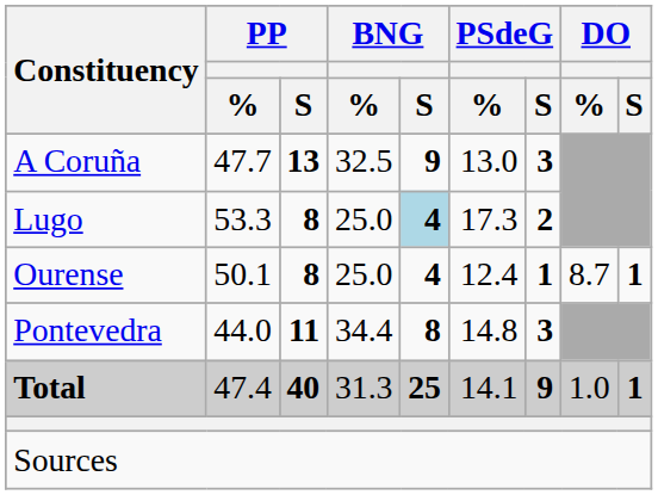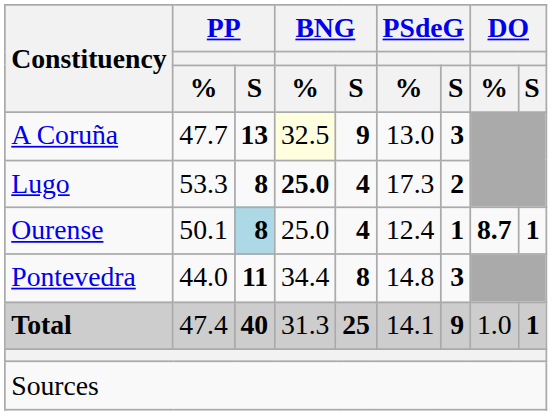 <table class="wikitable sortable" style="text-align:right; line-height:20px;">
 <tr>
 <th rowspan="3">Constituency</th>
 <th colspan="2" width="30px" class="unsortable"><a href='#'>PP</a></th>
 <th colspan="2" width="30px" class="unsortable"><a href='#'>BNG</a></th>
 <th colspan="2" width="30px" class="unsortable"><a href='#'>PSdeG</a></th>
 <th colspan="2" width="30px" class="unsortable"><a href='#'>DO</a></th>
 </tr>
 <tr>
 <th colspan="2" style="background:"></th>
 <th colspan="2" style="background:"></th>
 <th colspan="2" style="background:"></th>
 <th colspan="2" style="background:"></th>
 </tr>
 <tr>
 <th data-sort-type="number">%</th>
 <th data-sort-type="number">S</th>
 <th data-sort-type="number">%</th>
 <th data-sort-type="number">S</th>
 <th data-sort-type="number">%</th>
 <th data-sort-type="number">S</th>
 <th data-sort-type="number">%</th>
 <th data-sort-type="number">S</th>
 </tr>
 <tr>
 <td align="left"><a href='#'>A Coruña</a></td>
 <td style="background:">47.7</td>
 <td><strong>13</strong></td>
-<td>32.5</td>
+<td style="background: lightyellow;">32.5</td>
 <td><strong>9</strong></td>
 <td>13.0</td>
 <td><strong>3</strong></td>
 <td colspan="2" rowspan="2" bgcolor="#AAAAAA"></td>
 </tr>
 <tr>
 <td align="left"><a href='#'>Lugo</a></td>
 <td style="background:">53.3</td>
 <td><strong>8</strong></td>
-<td>25.0</td>
-<td style="background: lightblue;"><strong>4</strong></td>
+<td><strong>25.0</strong></td>
+<td><strong>4</strong></td>
 <td>17.3</td>
 <td><strong>2</strong></td>
 </tr>
 <tr>
 <td align="left"><a href='#'>Ourense</a></td>
 <td style="background:">50.1</td>
-<td><strong>8</strong></td>
+<td style="background: lightblue;"><strong>8</strong></td>
 <td>25.0</td>
 <td><strong>4</strong></td>
 <td>12.4</td>
 <td><strong>1</strong></td>
-<td>8.7</td>
+<td><strong>8.7</strong></td>
 <td><strong>1</strong></td>
 </tr>
 <tr>
 <td align="left"><a href='#'>Pontevedra</a></td>
 <td style="background:">44.0</td>
 <td><strong>11</strong></td>
 <td>34.4</td>
 <td><strong>8</strong></td>
 <td>14.8</td>
 <td><strong>3</strong></td>
 <td colspan="2" bgcolor="#AAAAAA"></td>
 </tr>
 <tr style="background:#CDCDCD;">
 <td align="left"><strong>Total</strong></td>
 <td style="background:">47.4</td>
 <td><strong>40</strong></td>
 <td>31.3</td>
 <td><strong>25</strong></td>
 <td>14.1</td>
 <td><strong>9</strong></td>
 <td>1.0</td>
 <td><strong>1</strong></td>
 </tr>
 <tr>
 <th colspan="9"></th>
 </tr>
 <tr>
 <th style="text-align:left; font-weight:normal; background:#F9F9F9" colspan="9">Sources</th>
 </tr>
 </table>
